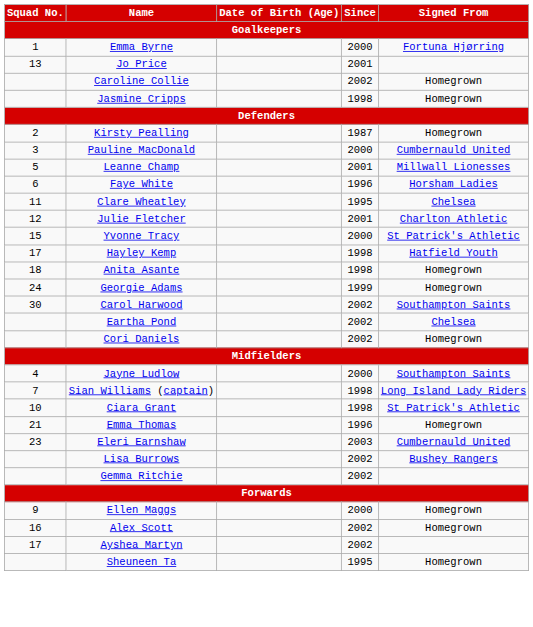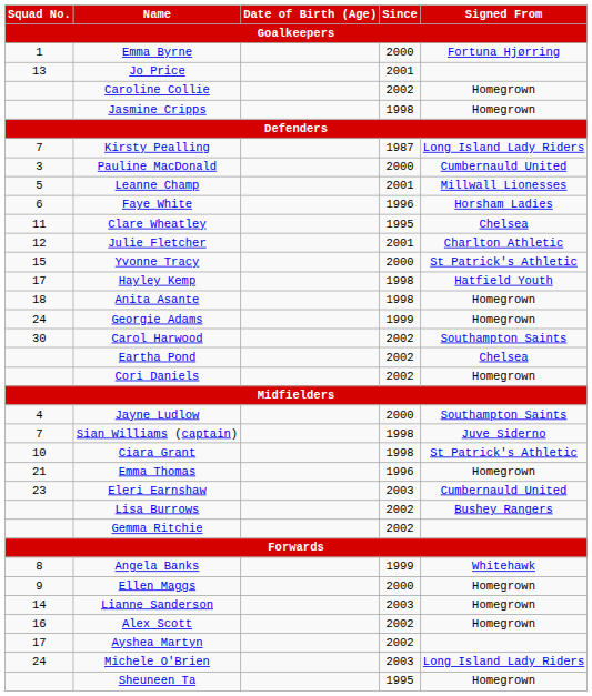 <table class="wikitable" style="text-align:center; font-size:100%; ">
 <tr>
 <th style="background:#d50000; color:white; text-align:center;">Squad No.</th>
 <th style="background:#d50000; color:white; text-align:center;">Name</th>
 <th style="background:#d50000; color:white; text-align:center;">Date of Birth (Age)</th>
 <th style="background:#d50000; color:white; text-align:center;">Since</th>
 <th style="background:#d50000; color:white; text-align:center;">Signed From</th>
 </tr>
 <tr>
 <th colspan="5" style="background:#d50000; color:white; text-align:center">Goalkeepers</th>
 </tr>
 <tr>
 <td>1</td>
 <td> <a href='#'>Emma Byrne</a></td>
 <td></td>
 <td>2000</td>
 <td> <a href='#'>Fortuna Hjørring</a></td>
 </tr>
 <tr>
 <td>13</td>
 <td> <a href='#'>Jo Price</a></td>
 <td></td>
 <td>2001</td>
 <td></td>
 </tr>
 <tr>
 <td></td>
 <td> <a href='#'>Caroline Collie</a></td>
 <td></td>
 <td>2002</td>
 <td>Homegrown</td>
 </tr>
 <tr>
 <td></td>
 <td> <a href='#'>Jasmine Cripps</a></td>
 <td></td>
 <td>1998</td>
 <td>Homegrown</td>
 </tr>
 <tr>
 <th colspan="5" style="background:#d50000; color:white; text-align:center">Defenders</th>
 </tr>
 <tr>
-<td>2</td>
+<td>7</td>
 <td> <a href='#'>Kirsty Pealling</a></td>
 <td></td>
 <td>1987</td>
-<td>Homegrown</td>
+<td> <a href='#'>Long Island Lady Riders</a></td>
 </tr>
 <tr>
 <td>3</td>
 <td> <a href='#'>Pauline MacDonald</a></td>
 <td></td>
 <td>2000</td>
 <td> <a href='#'>Cumbernauld United</a></td>
 </tr>
 <tr>
 <td>5</td>
 <td> <a href='#'>Leanne Champ</a></td>
 <td></td>
 <td>2001</td>
 <td> <a href='#'>Millwall Lionesses</a></td>
 </tr>
 <tr>
 <td>6</td>
 <td> <a href='#'>Faye White</a></td>
 <td></td>
 <td>1996</td>
 <td> <a href='#'>Horsham Ladies</a></td>
 </tr>
 <tr>
 <td>11</td>
 <td> <a href='#'>Clare Wheatley</a></td>
 <td></td>
 <td>1995</td>
 <td> <a href='#'>Chelsea</a></td>
 </tr>
 <tr>
 <td>12</td>
 <td> <a href='#'>Julie Fletcher</a></td>
 <td></td>
 <td>2001</td>
 <td> <a href='#'>Charlton Athletic</a></td>
 </tr>
 <tr>
 <td>15</td>
 <td> <a href='#'>Yvonne Tracy</a></td>
 <td></td>
 <td>2000</td>
 <td> <a href='#'>St Patrick's Athletic</a></td>
 </tr>
 <tr>
 <td>17</td>
 <td> <a href='#'>Hayley Kemp</a></td>
 <td></td>
 <td>1998</td>
 <td> <a href='#'>Hatfield Youth</a></td>
 </tr>
 <tr>
 <td>18</td>
 <td> <a href='#'>Anita Asante</a></td>
 <td></td>
 <td>1998</td>
 <td>Homegrown</td>
 </tr>
 <tr>
 <td>24</td>
 <td> <a href='#'>Georgie Adams</a></td>
 <td></td>
 <td>1999</td>
 <td>Homegrown</td>
 </tr>
 <tr>
 <td>30</td>
 <td> <a href='#'>Carol Harwood</a></td>
 <td></td>
 <td>2002</td>
 <td> <a href='#'>Southampton Saints</a></td>
 </tr>
 <tr>
 <td></td>
 <td> <a href='#'>Eartha Pond</a></td>
 <td></td>
 <td>2002</td>
 <td> <a href='#'>Chelsea</a></td>
 </tr>
 <tr>
 <td></td>
 <td> <a href='#'>Cori Daniels</a></td>
 <td></td>
 <td>2002</td>
 <td>Homegrown</td>
 </tr>
 <tr>
 <th colspan="5" style="background:#d50000; color:white; text-align:center">Midfielders</th>
 </tr>
 <tr>
 <td>4</td>
 <td> <a href='#'>Jayne Ludlow</a></td>
 <td></td>
 <td>2000</td>
 <td><em></em> <a href='#'>Southampton Saints</a></td>
 </tr>
 <tr>
 <td>7</td>
 <td> <a href='#'>Sian Williams</a> (<a href='#'>captain</a>)</td>
 <td></td>
 <td>1998</td>
-<td> <a href='#'>Long Island Lady Riders</a></td>
+<td> <a href='#'>Juve Siderno</a></td>
 </tr>
 <tr>
 <td>10</td>
 <td> <a href='#'>Ciara Grant</a></td>
 <td></td>
 <td>1998</td>
 <td> <a href='#'>St Patrick's Athletic</a></td>
 </tr>
 <tr>
 <td>21</td>
 <td> <a href='#'>Emma Thomas</a></td>
 <td></td>
 <td>1996</td>
 <td>Homegrown</td>
 </tr>
 <tr>
 <td>23</td>
 <td> <a href='#'>Eleri Earnshaw</a></td>
 <td></td>
 <td>2003</td>
 <td> <a href='#'>Cumbernauld United</a></td>
 </tr>
 <tr>
 <td></td>
 <td> <a href='#'>Lisa Burrows</a></td>
 <td></td>
 <td>2002</td>
 <td><em></em> <a href='#'>Bushey Rangers</a></td>
 </tr>
 <tr>
 <td></td>
 <td> <a href='#'>Gemma Ritchie</a></td>
 <td></td>
 <td>2002</td>
 <td></td>
 </tr>
 <tr>
 <th colspan="5" style="background:#d50000; color:white; text-align:center">Forwards</th>
 </tr>
 <tr>
+<td>8</td>
+<td> <a href='#'>Angela Banks</a></td>
+<td></td>
+<td>1999</td>
+<td><em></em> <a href='#'>Whitehawk</a></td>
+</tr>
+<tr>
 <td>9</td>
 <td> <a href='#'>Ellen Maggs</a></td>
 <td></td>
 <td>2000</td>
+<td>Homegrown</td>
+</tr>
+<tr>
+<td>14</td>
+<td> <a href='#'>Lianne Sanderson</a></td>
+<td></td>
+<td>2003</td>
 <td>Homegrown</td>
 </tr>
 <tr>
 <td>16</td>
 <td> <a href='#'>Alex Scott</a></td>
 <td></td>
 <td>2002</td>
 <td>Homegrown</td>
 </tr>
 <tr>
 <td>17</td>
 <td> <a href='#'>Ayshea Martyn</a></td>
 <td></td>
 <td>2002</td>
 <td></td>
 </tr>
 <tr>
+<td>24</td>
+<td> <a href='#'>Michele O'Brien</a></td>
+<td></td>
+<td>2003</td>
+<td> <a href='#'>Long Island Lady Riders</a></td>
+</tr>
+<tr>
 <td></td>
 <td> <a href='#'>Sheuneen Ta</a></td>
 <td></td>
 <td>1995</td>
 <td>Homegrown</td>
 </tr>
 </table>
